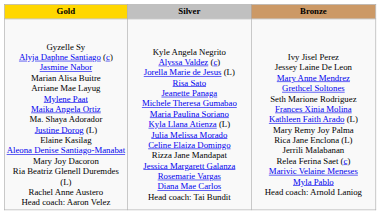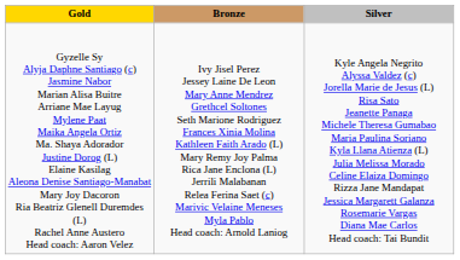 <table class="wikitable" style="text-align:center; font-size:90%">
 <tr>
 <th style="width:20em; background:gold">Gold</th>
+<th style="width:20em; background:#cc9966">Bronze</th>
 <th style="width:20em; background:silver">Silver</th>
-<th style="width:20em; background:#cc9966">Bronze</th>
 </tr>
 <tr>
 <td><br><br>Gyzelle Sy<br> <a href='#'>Alyja Daphne Santiago</a> (<a href='#'>c</a>)<br> <a href='#'>Jasmine Nabor</a><br> Marian Alisa Buitre<br> Arriane Mae Layug<br> <a href='#'>Mylene Paat</a><br> <a href='#'>Maika Angela Ortiz</a><br> Ma. Shaya Adorador<br> <a href='#'>Justine Dorog</a> (L)<br> Elaine Kasilag<br> <a href='#'>Aleona Denise Santiago-Manabat</a><br> Mary Joy Dacoron<br> Ria Beatriz Glenell Duremdes (L)<br> Rachel Anne Austero<br>Head coach: Aaron Velez</td>
+<td><br><br>Ivy Jisel Perez<br> Jessey Laine De Leon<br> <a href='#'>Mary Anne Mendrez</a><br> <a href='#'>Grethcel Soltones</a><br> Seth Marione Rodriguez<br> <a href='#'>Frances Xinia Molina</a><br> <a href='#'>Kathleen Faith Arado</a> (L)<br> Mary Remy Joy Palma<br> Rica Jane Enclona (L)<br> Jerrili Malabanan<br> Relea Ferina Saet (<a href='#'>c</a>)<br> <a href='#'>Marivic Velaine Meneses</a><br> <a href='#'>Myla Pablo</a><br>Head coach: Arnold Laniog</td>
 <td><br><br>Kyle Angela Negrito<br> <a href='#'>Alyssa Valdez</a> (<a href='#'>c</a>)<br> <a href='#'>Jorella Marie de Jesus</a> (L)<br> <a href='#'>Risa Sato</a><br> <a href='#'>Jeanette Panaga</a><br> <a href='#'>Michele Theresa Gumabao</a><br> <a href='#'>Maria Paulina Soriano</a><br> <a href='#'>Kyla Llana Atienza</a> (L)<br> <a href='#'>Julia Melissa Morado</a><br> <a href='#'>Celine Elaiza Domingo</a><br> Rizza Jane Mandapat<br> <a href='#'>Jessica Margarett Galanza</a><br> <a href='#'>Rosemarie Vargas</a><br> <a href='#'>Diana Mae Carlos</a><br>Head coach: Tai Bundit</td>
-<td><br><br>Ivy Jisel Perez<br> Jessey Laine De Leon<br> <a href='#'>Mary Anne Mendrez</a><br> <a href='#'>Grethcel Soltones</a><br> Seth Marione Rodriguez<br> <a href='#'>Frances Xinia Molina</a><br> <a href='#'>Kathleen Faith Arado</a> (L)<br> Mary Remy Joy Palma<br> Rica Jane Enclona (L)<br> Jerrili Malabanan<br> Relea Ferina Saet (<a href='#'>c</a>)<br> <a href='#'>Marivic Velaine Meneses</a><br> <a href='#'>Myla Pablo</a><br>Head coach: Arnold Laniog</td>
 </tr>
 </table>
